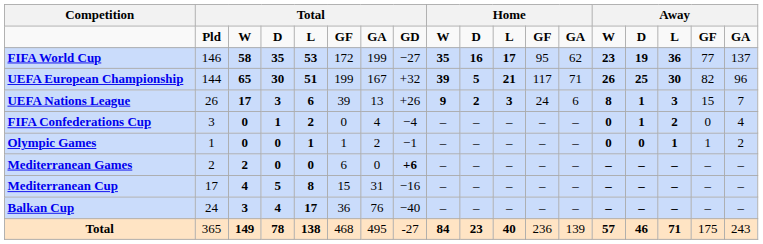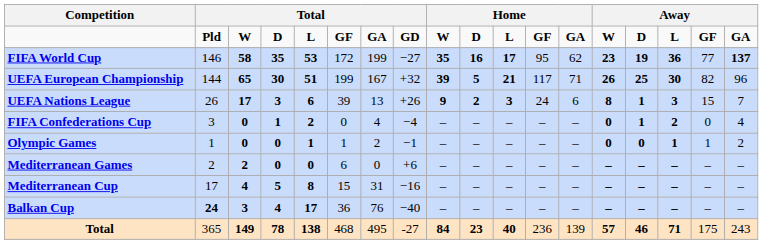 <table class="wikitable sortable" style="text-align: center;font-size:90%">
 <tr>
 <th style="width:205px;">Competition</th>
 <th colspan=7>Total</th>
 <th colspan=5>Home</th>
 <th colspan=5>Away</th>
 </tr>
 <tr>
 <td></td>
 <td style="width:30px;"><strong>Pld</strong></td>
 <td style="width:30px;"><strong>W</strong></td>
 <td style="width:30px;"><strong>D</strong></td>
 <td style="width:30px;"><strong>L</strong></td>
 <td style="width:30px;"><strong>GF</strong></td>
 <td style="width:30px;"><strong>GA</strong></td>
 <td style="width:30px;"><strong>GD</strong></td>
 <td style="width:30px;"><strong>W</strong></td>
 <td style="width:30px;"><strong>D</strong></td>
 <td style="width:30px;"><strong>L</strong></td>
 <td style="width:30px;"><strong>GF</strong></td>
 <td style="width:30px;"><strong>GA</strong></td>
 <td style="width:30px;"><strong>W</strong></td>
 <td style="width:30px;"><strong>D</strong></td>
 <td style="width:30px;"><strong>L</strong></td>
 <td style="width:30px;"><strong>GF</strong></td>
 <td style="width:30px;"><strong>GA</strong></td>
 </tr>
 <tr style="background:#cadcfb;">
 <td align="left"><strong><a href='#'>FIFA World Cup</a></strong></td>
 <td>146</td>
 <td><strong>58</strong></td>
 <td><strong>35</strong></td>
 <td><strong>53</strong></td>
 <td>172</td>
 <td>199</td>
 <td>−27</td>
 <td><strong>35</strong></td>
 <td><strong>16</strong></td>
 <td><strong>17</strong></td>
 <td>95</td>
 <td>62</td>
 <td><strong>23</strong></td>
 <td><strong>19</strong></td>
 <td><strong>36</strong></td>
 <td>77</td>
-<td>137</td>
+<td><strong>137</strong></td>
 </tr>
 <tr style="background:#cadcfb;">
 <td align="left"><strong><a href='#'>UEFA European Championship</a></strong></td>
 <td>144</td>
 <td><strong>65</strong></td>
 <td><strong>30</strong></td>
 <td><strong>51</strong></td>
 <td>199</td>
 <td>167</td>
 <td>+32</td>
 <td><strong>39</strong></td>
 <td><strong>5</strong></td>
 <td><strong>21</strong></td>
 <td>117</td>
 <td>71</td>
 <td><strong>26</strong></td>
 <td><strong>25</strong></td>
 <td><strong>30</strong></td>
 <td>82</td>
 <td>96</td>
 </tr>
 <tr style="background:#cadcfb;">
 <td align="left"><strong><a href='#'>UEFA Nations League</a></strong></td>
 <td>26</td>
 <td><strong>17</strong></td>
 <td><strong>3</strong></td>
 <td><strong>6</strong></td>
 <td>39</td>
 <td>13</td>
 <td>+26</td>
 <td><strong>9</strong></td>
 <td><strong>2</strong></td>
 <td><strong>3</strong></td>
 <td>24</td>
 <td>6</td>
 <td><strong>8</strong></td>
 <td><strong>1</strong></td>
 <td><strong>3</strong></td>
 <td>15</td>
 <td>7</td>
 </tr>
 <tr style="background:#cadcfb;">
 <td align="left"><strong><a href='#'>FIFA Confederations Cup</a></strong></td>
 <td>3</td>
 <td><strong>0</strong></td>
 <td><strong>1</strong></td>
 <td><strong>2</strong></td>
 <td>0</td>
 <td>4</td>
 <td>−4</td>
 <td>–</td>
 <td>–</td>
 <td>–</td>
 <td>–</td>
 <td>–</td>
 <td><strong>0</strong></td>
 <td><strong>1</strong></td>
 <td><strong>2</strong></td>
 <td>0</td>
 <td>4</td>
 </tr>
 <tr style="background:#cadcfb;">
 <td align="left"><strong><a href='#'>Olympic Games</a></strong></td>
 <td>1</td>
 <td><strong>0</strong></td>
 <td><strong>0</strong></td>
 <td><strong>1</strong></td>
 <td>1</td>
 <td>2</td>
 <td>−1</td>
 <td>–</td>
 <td>–</td>
 <td>–</td>
 <td>–</td>
 <td>–</td>
 <td><strong>0</strong></td>
 <td><strong>0</strong></td>
 <td><strong>1</strong></td>
 <td>1</td>
 <td>2</td>
 </tr>
 <tr style="background:#cadcfb;">
 <td align="left"><strong><a href='#'>Mediterranean Games</a></strong></td>
 <td>2</td>
 <td><strong>2</strong></td>
 <td><strong>0</strong></td>
 <td><strong>0</strong></td>
 <td>6</td>
 <td>0</td>
-<td><strong>+6</strong></td>
+<td>+6</td>
 <td>–</td>
 <td>–</td>
 <td>–</td>
 <td>–</td>
 <td>–</td>
 <td><strong>–</strong></td>
 <td><strong>–</strong></td>
 <td><strong>–</strong></td>
 <td>–</td>
 <td>–</td>
 </tr>
 <tr style="background:#cadcfb;">
 <td align="left"><strong><a href='#'>Mediterranean Cup</a></strong></td>
 <td>17</td>
 <td><strong>4</strong></td>
 <td><strong>5</strong></td>
 <td><strong>8</strong></td>
 <td>15</td>
 <td>31</td>
 <td>−16</td>
 <td>–</td>
 <td>–</td>
 <td>–</td>
 <td>–</td>
 <td>–</td>
 <td><strong>–</strong></td>
 <td><strong>–</strong></td>
 <td><strong>–</strong></td>
 <td>–</td>
 <td>–</td>
 </tr>
 <tr style="background:#cadcfb;">
 <td align="left"><strong><a href='#'>Balkan Cup</a></strong></td>
-<td>24</td>
+<td><strong>24</strong></td>
 <td><strong>3</strong></td>
 <td><strong>4</strong></td>
 <td><strong>17</strong></td>
 <td>36</td>
 <td>76</td>
 <td>−40</td>
 <td>–</td>
 <td>–</td>
 <td>–</td>
 <td>–</td>
 <td>–</td>
 <td><strong>–</strong></td>
 <td><strong>–</strong></td>
 <td><strong>–</strong></td>
 <td>–</td>
 <td>–</td>
 </tr>
 <tr style="background:bisque;">
 <td><strong>Total</strong></td>
 <td>365</td>
 <td><strong>149</strong></td>
 <td><strong>78</strong></td>
 <td><strong>138</strong></td>
 <td>468</td>
 <td>495</td>
 <td>-27</td>
 <td><strong>84</strong></td>
 <td><strong>23</strong></td>
 <td><strong>40</strong></td>
 <td>236</td>
 <td>139</td>
 <td><strong>57</strong></td>
 <td><strong>46</strong></td>
 <td><strong>71</strong></td>
 <td>175</td>
 <td>243</td>
 </tr>
 </table>
